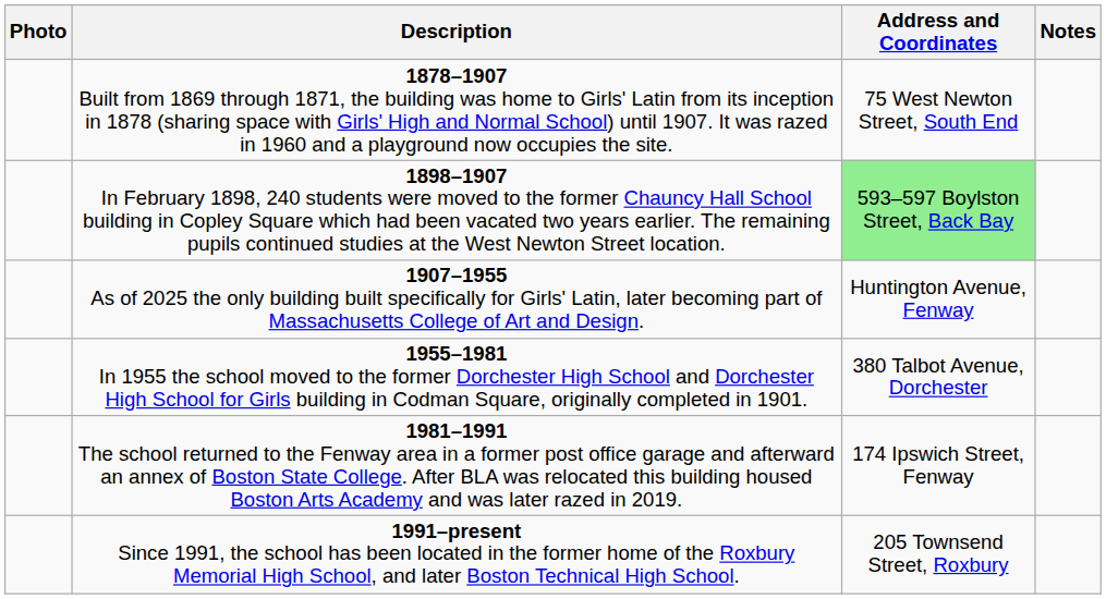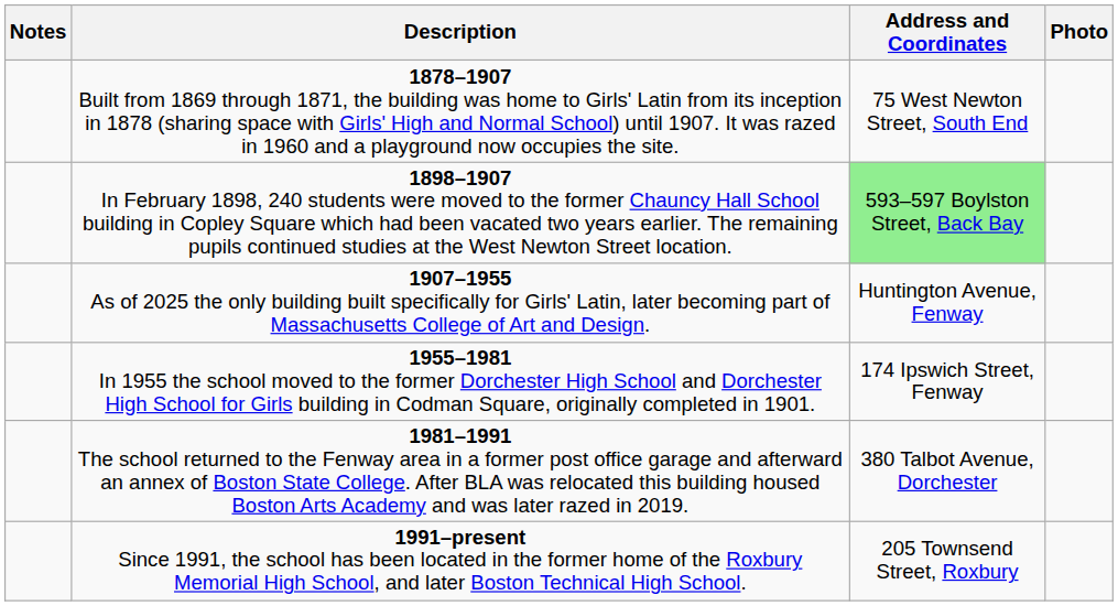 <table class="wikitable" style="text-align:center;">
 <tr>
-<th>Photo</th>
+<th>Notes</th>
 <th>Description</th>
 <th>Address and <a href='#'>Coordinates</a></th>
-<th>Notes</th>
+<th>Photo</th>
 </tr>
 <tr>
 <td></td>
 <td><strong>1878–1907</strong><br>Built from 1869 through 1871, the building was home to Girls' Latin from its inception in 1878 (sharing space with <a href='#'>Girls' High and Normal School</a>) until 1907. It was razed in 1960 and a playground now occupies the site.</td>
 <td>75 West Newton Street, <a href='#'>South End</a><br></td>
 <td></td>
 </tr>
 <tr>
 <td></td>
 <td><strong>1898–1907</strong><br>In February 1898, 240 students were moved to the former <a href='#'>Chauncy Hall School</a> building in Copley Square which had been vacated two years earlier. The remaining pupils continued studies at the West Newton Street location.</td>
 <td style="background: lightgreen;">593–597 Boylston Street, <a href='#'>Back Bay</a><br></td>
 <td></td>
 </tr>
 <tr>
 <td></td>
 <td><strong>1907–1955</strong><br>As of 2025 the only building built specifically for Girls' Latin, later becoming part of <a href='#'>Massachusetts College of Art and Design</a>.</td>
 <td>Huntington Avenue, <a href='#'>Fenway</a><br></td>
 <td></td>
 </tr>
 <tr>
 <td></td>
 <td><strong>1955–1981</strong><br>In 1955 the school moved to the former <a href='#'>Dorchester High School</a> and <a href='#'>Dorchester High School for Girls</a> building in Codman Square, originally completed in 1901.</td>
-<td>380 Talbot Avenue, <a href='#'>Dorchester</a><br></td>
+<td>174 Ipswich Street, Fenway<br></td>
 <td></td>
 </tr>
 <tr>
 <td></td>
 <td><strong>1981–1991</strong><br>The school returned to the Fenway area in a former post office garage and afterward an annex of <a href='#'>Boston State College</a>. After BLA was relocated this building housed <a href='#'>Boston Arts Academy</a> and was later razed in 2019.</td>
-<td>174 Ipswich Street, Fenway<br></td>
+<td>380 Talbot Avenue, <a href='#'>Dorchester</a><br></td>
 <td></td>
 </tr>
 <tr>
 <td></td>
 <td><strong>1991–present</strong><br>Since 1991, the school has been located in the former home of the <a href='#'>Roxbury Memorial High School</a>, and later <a href='#'>Boston Technical High School</a>.</td>
 <td>205 Townsend Street, <a href='#'>Roxbury</a><br></td>
 <td></td>
 </tr>
 </table>
